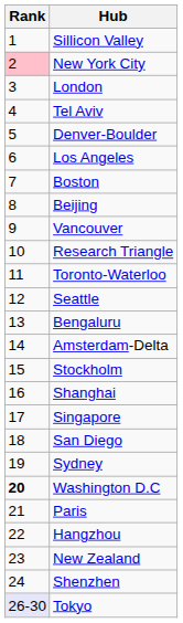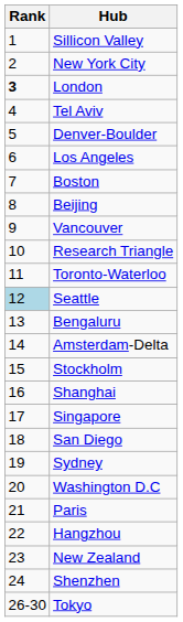 <table class="wikitable">
 <tr>
 <th>Rank</th>
 <th>Hub</th>
 </tr>
 <tr>
 <td>1</td>
 <td><a href='#'>Sillicon Valley</a></td>
 </tr>
 <tr>
-<td style="background: pink;">2</td>
+<td>2</td>
 <td><a href='#'>New York City</a></td>
 </tr>
 <tr>
-<td>3</td>
+<td><strong>3</strong></td>
 <td><a href='#'>London</a></td>
 </tr>
 <tr>
 <td>4</td>
 <td><a href='#'>Tel Aviv</a></td>
 </tr>
 <tr>
 <td>5</td>
 <td><a href='#'>Denver-Boulder</a></td>
 </tr>
 <tr>
 <td>6</td>
 <td><a href='#'>Los Angeles</a></td>
 </tr>
 <tr>
 <td>7</td>
 <td><a href='#'>Boston</a></td>
 </tr>
 <tr>
 <td>8</td>
 <td><a href='#'>Beijing</a></td>
 </tr>
 <tr>
 <td>9</td>
 <td><a href='#'>Vancouver</a></td>
 </tr>
 <tr>
 <td>10</td>
 <td><a href='#'>Research Triangle</a></td>
 </tr>
 <tr>
 <td>11</td>
 <td><a href='#'>Toronto-Waterloo</a></td>
 </tr>
 <tr>
-<td>12</td>
+<td style="background: lightblue;">12</td>
 <td><a href='#'>Seattle</a></td>
 </tr>
 <tr>
 <td>13</td>
 <td><a href='#'>Bengaluru</a></td>
 </tr>
 <tr>
 <td>14</td>
 <td><a href='#'>Amsterdam</a>-Delta</td>
 </tr>
 <tr>
 <td>15</td>
 <td><a href='#'>Stockholm</a></td>
 </tr>
 <tr>
 <td>16</td>
 <td><a href='#'>Shanghai</a></td>
 </tr>
 <tr>
 <td>17</td>
 <td><a href='#'>Singapore</a></td>
 </tr>
 <tr>
 <td>18</td>
 <td><a href='#'>San Diego</a></td>
 </tr>
 <tr>
 <td>19</td>
 <td><a href='#'>Sydney</a></td>
 </tr>
 <tr>
-<td><strong>20</strong></td>
+<td>20</td>
 <td><a href='#'>Washington D.C</a></td>
 </tr>
 <tr>
 <td>21</td>
 <td><a href='#'>Paris</a></td>
 </tr>
 <tr>
 <td>22</td>
 <td><a href='#'>Hangzhou</a></td>
 </tr>
 <tr>
 <td>23</td>
 <td><a href='#'>New Zealand</a></td>
 </tr>
 <tr>
 <td>24</td>
 <td><a href='#'>Shenzhen</a></td>
 </tr>
 <tr>
-<td style="background: lavender;">26-30</td>
+<td>26-30</td>
 <td><a href='#'>Tokyo</a></td>
 </tr>
 </table>
